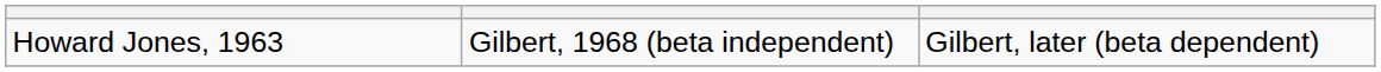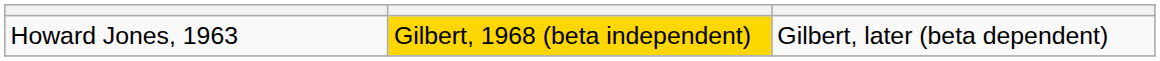 <table class="wikitable" align=center>
 <tr>
 <th width=240px></th>
 <th width=240px></th>
 <th width=240px></th>
 </tr>
 <tr>
 <td valign=top>Howard Jones, 1963</td>
-<td valign=top>Gilbert, 1968 (beta independent)</td>
+<td valign=top style="background: gold;">Gilbert, 1968 (beta independent)</td>
 <td valign=top>Gilbert, later (beta dependent)</td>
 </tr>
 </table>
